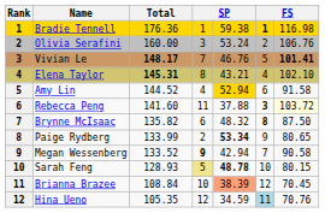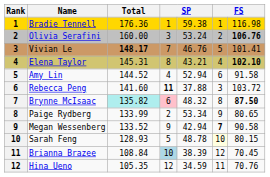 <table class="wikitable sortable">
 <tr>
 <th>Rank</th>
 <th>Name</th>
 <th width="80px">Total</th>
 <th colspan="2" width="80px"><a href='#'>SP</a></th>
 <th colspan="2" width="80px"><a href='#'>FS</a></th>
 </tr>
 <tr bgcolor="gold">
 <td align="center"><strong>1</strong></td>
 <td><a href='#'>Bradie Tennell</a></td>
 <td align="center">176.36</td>
 <td align="center">1</td>
 <td align="center">59.38</td>
-<td align="center"><strong>1</strong></td>
+<td align="center">1</td>
 <td align="center">116.98</td>
 </tr>
 <tr bgcolor="silver">
 <td align="center"><strong>2</strong></td>
 <td><a href='#'>Olivia Serafini</a></td>
 <td align="center">160.00</td>
 <td align="center">3</td>
 <td align="center">53.24</td>
 <td align="center">2</td>
-<td align="center">106.76</td>
+<td align="center"><strong>106.76</strong></td>
 </tr>
 <tr bgcolor="cc9966">
 <td align="center"><strong>3</strong></td>
 <td>Vivian Le</td>
 <td align="center"><strong>148.17</strong></td>
 <td align="center">7</td>
 <td align="center">46.76</td>
 <td align="center">5</td>
-<td align="center"><strong>101.41</strong></td>
+<td align="center">101.41</td>
 </tr>
 <tr bgcolor="#d1c571">
 <td align="center"><strong>4</strong></td>
 <td><a href='#'>Elena Taylor</a></td>
-<td align="center"><strong>145.31</strong></td>
+<td align="center">145.31</td>
 <td align="center">8</td>
 <td align="center">43.21</td>
 <td align="center">4</td>
-<td align="center">102.10</td>
+<td align="center"><strong>102.10</strong></td>
 </tr>
 <tr>
 <th>5</th>
 <td><a href='#'>Amy Lin</a></td>
 <td align="center">144.52</td>
 <td align="center">4</td>
-<td align="center" style="background: gold;">52.94</td>
+<td align="center">52.94</td>
 <td align="center">6</td>
 <td align="center">91.58</td>
 </tr>
 <tr>
 <th>6</th>
 <td><a href='#'>Rebecca Peng</a></td>
 <td align="center">141.60</td>
-<td align="center">11</td>
+<td align="center"><strong>11</strong></td>
 <td align="center">37.88</td>
-<td align="center"><strong>3</strong></td>
-<td align="center" style="background: lightyellow;">103.72</td>
+<td align="center">3</td>
+<td align="center">103.72</td>
 </tr>
 <tr>
 <th>7</th>
 <td><a href='#'>Brynne McIsaac</a></td>
-<td align="center">135.82</td>
-<td align="center">6</td>
+<td align="center" style="background: paleturquoise;">135.82</td>
+<td align="center" style="background: pink;">6</td>
 <td align="center">48.32</td>
-<td align="center"><strong>8</strong></td>
-<td align="center">87.50</td>
+<td align="center">8</td>
+<td align="center"><strong>87.50</strong></td>
 </tr>
 <tr>
 <th>8</th>
 <td>Paige Rydberg</td>
 <td align="center">133.99</td>
 <td align="center">2</td>
-<td align="center"><strong>53.34</strong></td>
+<td align="center">53.34</td>
 <td align="center">9</td>
 <td align="center">80.65</td>
 </tr>
 <tr>
 <th>9</th>
 <td>Megan Wessenberg</td>
 <td align="center">133.52</td>
-<td align="center"><strong>9</strong></td>
+<td align="center">9</td>
 <td align="center">42.94</td>
-<td align="center">7</td>
+<td align="center"><strong>7</strong></td>
 <td align="center">90.58</td>
 </tr>
 <tr>
 <th>10</th>
 <td>Sarah Feng</td>
 <td align="center">128.93</td>
-<td align="center" style="background: khaki;">5</td>
-<td align="center"><strong>48.78</strong></td>
-<td align="center">10</td>
+<td align="center">5</td>
+<td align="center">48.78</td>
+<td align="center" style="background: lightyellow;">10</td>
 <td align="center">80.15</td>
 </tr>
 <tr>
 <th>11</th>
 <td><a href='#'>Brianna Brazee</a></td>
 <td align="center">108.84</td>
-<td align="center">10</td>
-<td align="center" style="background: lightsalmon;">38.39</td>
+<td align="center" style="background: lightblue;">10</td>
+<td align="center">38.39</td>
 <td align="center">12</td>
 <td align="center">70.45</td>
 </tr>
 <tr>
 <th>12</th>
 <td><a href='#'>Hina Ueno</a></td>
 <td align="center">105.35</td>
 <td align="center">12</td>
 <td align="center">34.59</td>
-<td align="center" style="background: lightblue;">11</td>
+<td align="center">11</td>
 <td align="center">70.76</td>
 </tr>
 </table>
